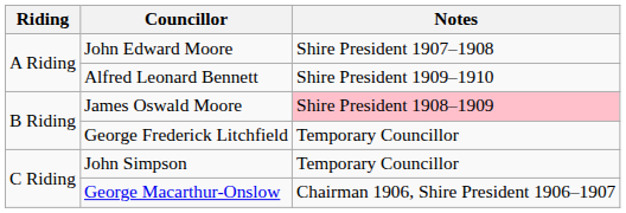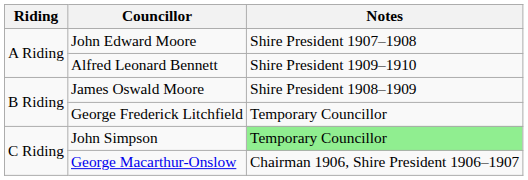 <table class="wikitable">
 <tr>
 <th>Riding</th>
 <th>Councillor</th>
 <th>Notes</th>
 </tr>
 <tr>
 <td rowspan="2">A Riding</td>
 <td>John Edward Moore</td>
 <td>Shire President 1907–1908</td>
 </tr>
 <tr>
 <td>Alfred Leonard Bennett</td>
 <td>Shire President 1909–1910</td>
 </tr>
 <tr>
 <td rowspan="2">B Riding</td>
 <td>James Oswald Moore</td>
-<td style="background: pink;">Shire President 1908–1909</td>
+<td>Shire President 1908–1909</td>
 </tr>
 <tr>
 <td>George Frederick Litchfield</td>
 <td>Temporary Councillor</td>
 </tr>
 <tr>
 <td rowspan="2">C Riding</td>
 <td>John Simpson</td>
-<td>Temporary Councillor</td>
+<td style="background: lightgreen;">Temporary Councillor</td>
 </tr>
 <tr>
 <td><a href='#'>George Macarthur-Onslow</a></td>
 <td>Chairman 1906, Shire President 1906–1907</td>
 </tr>
 </table>
